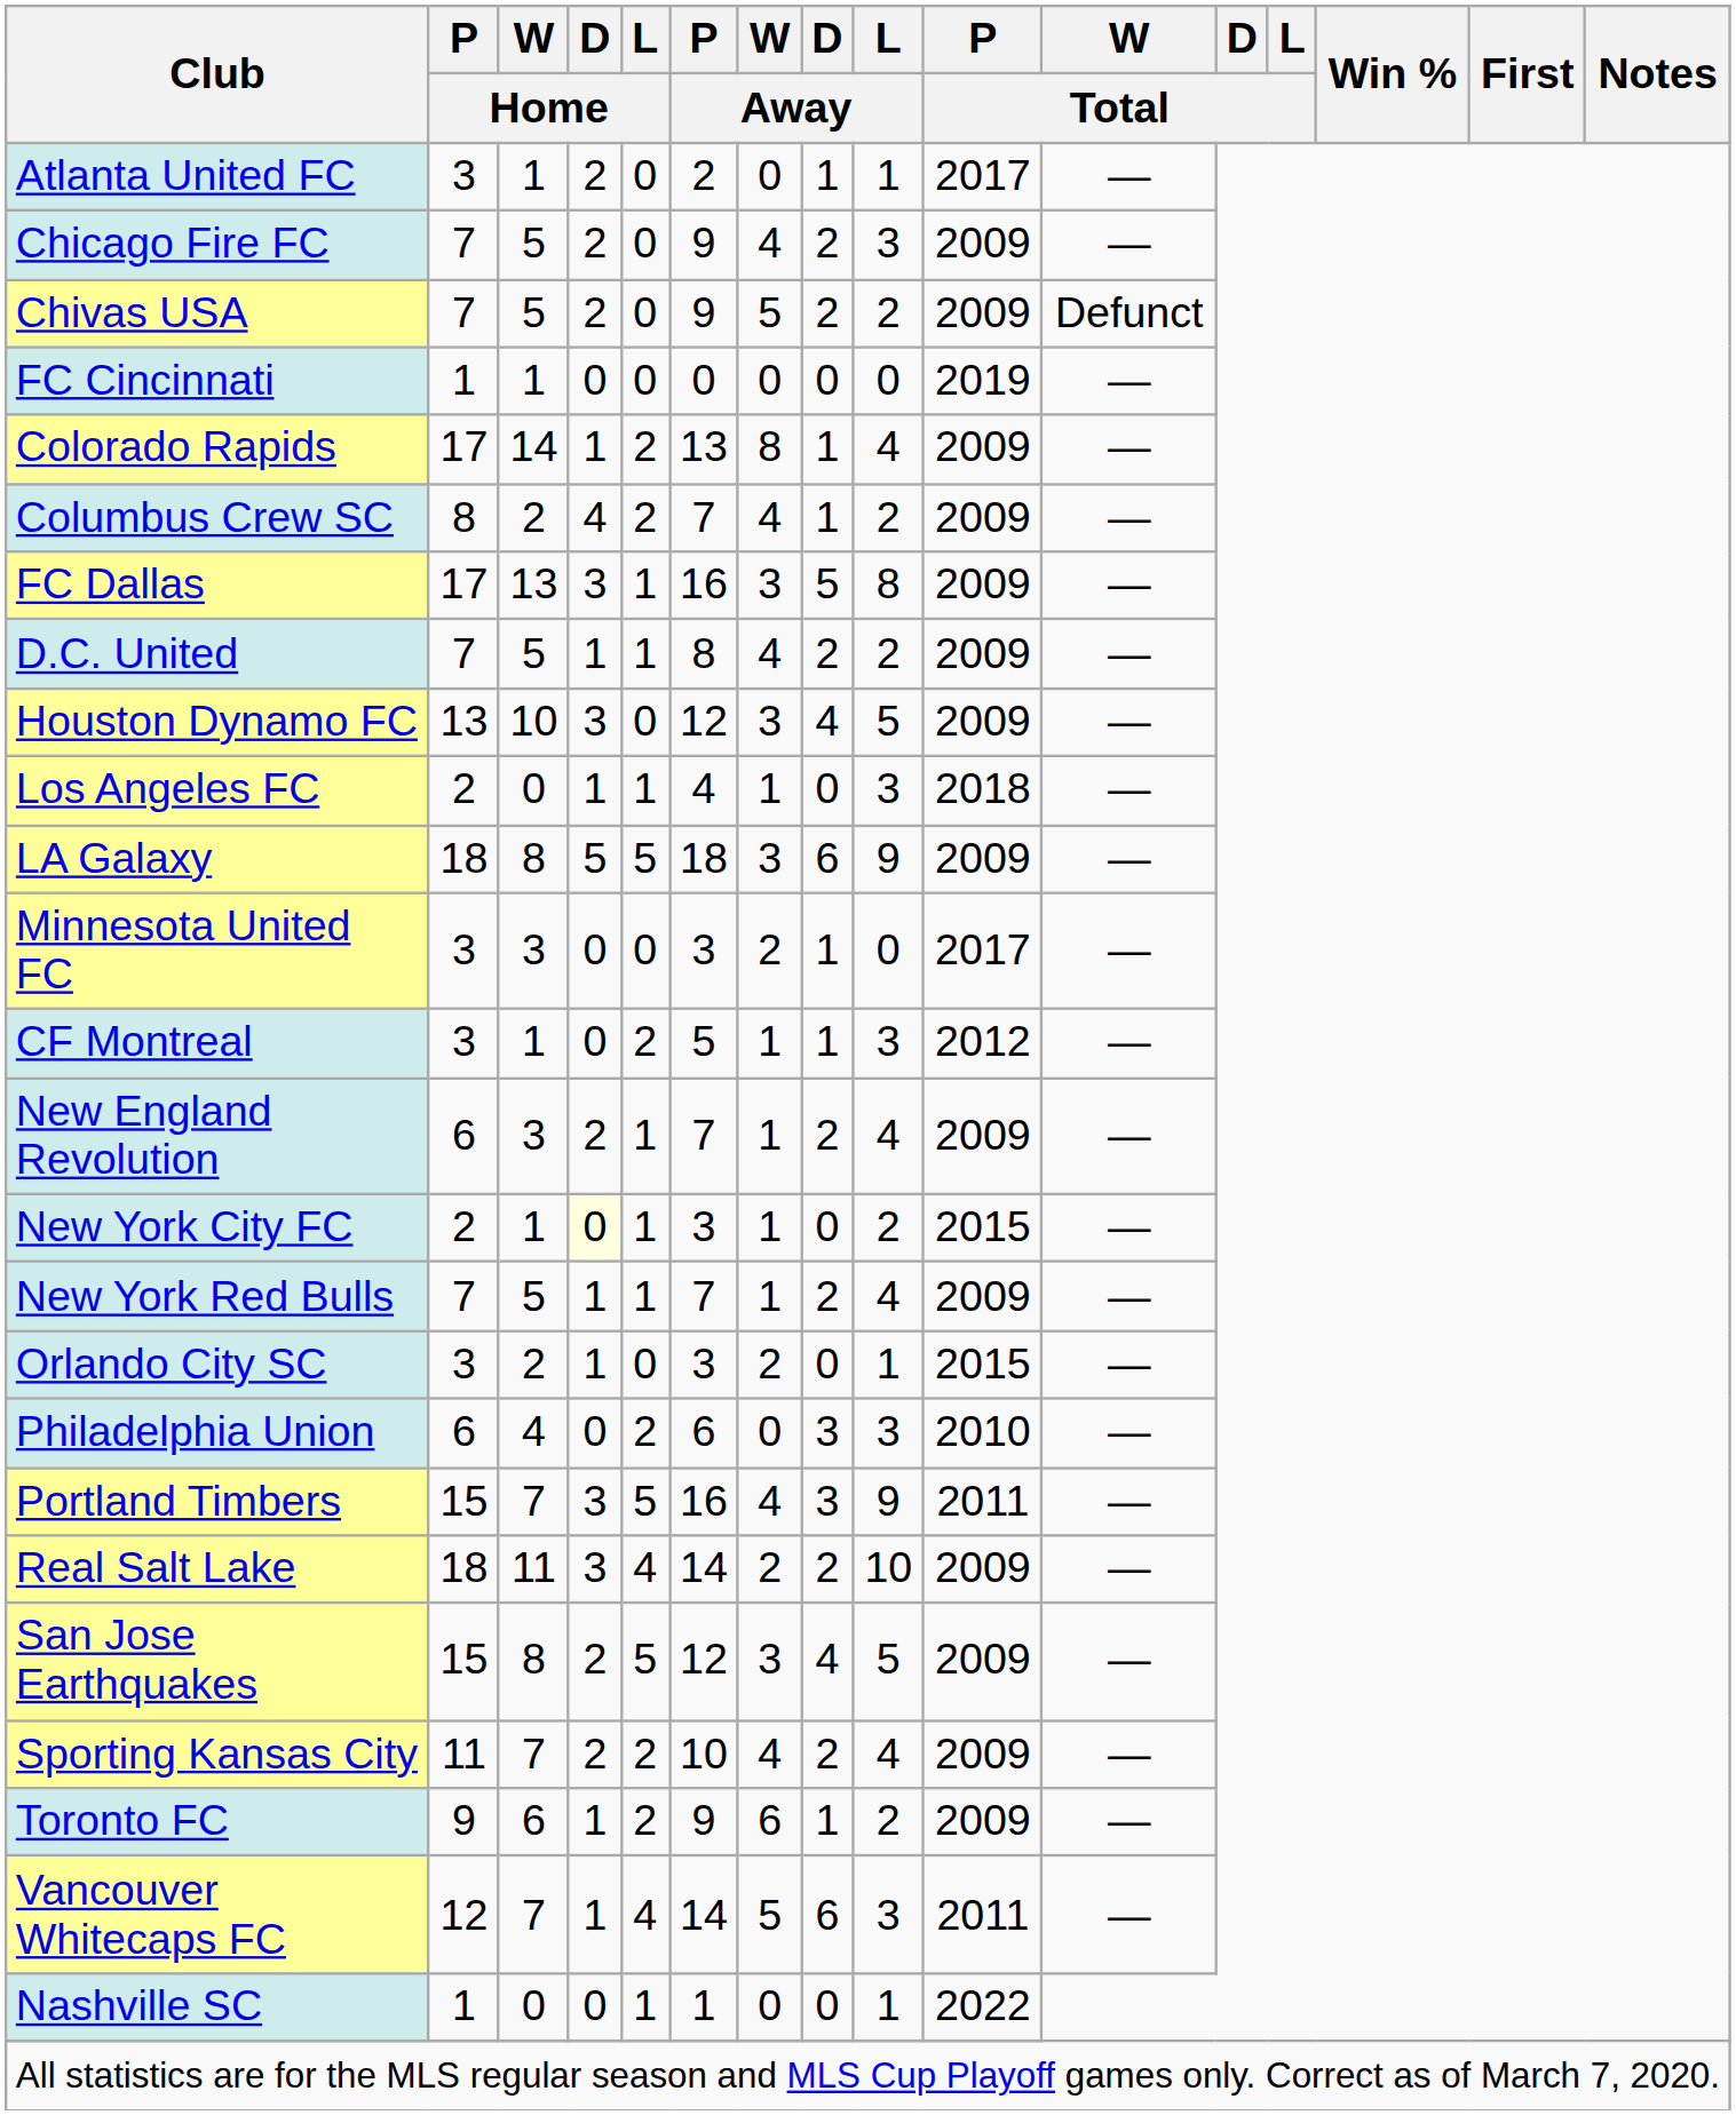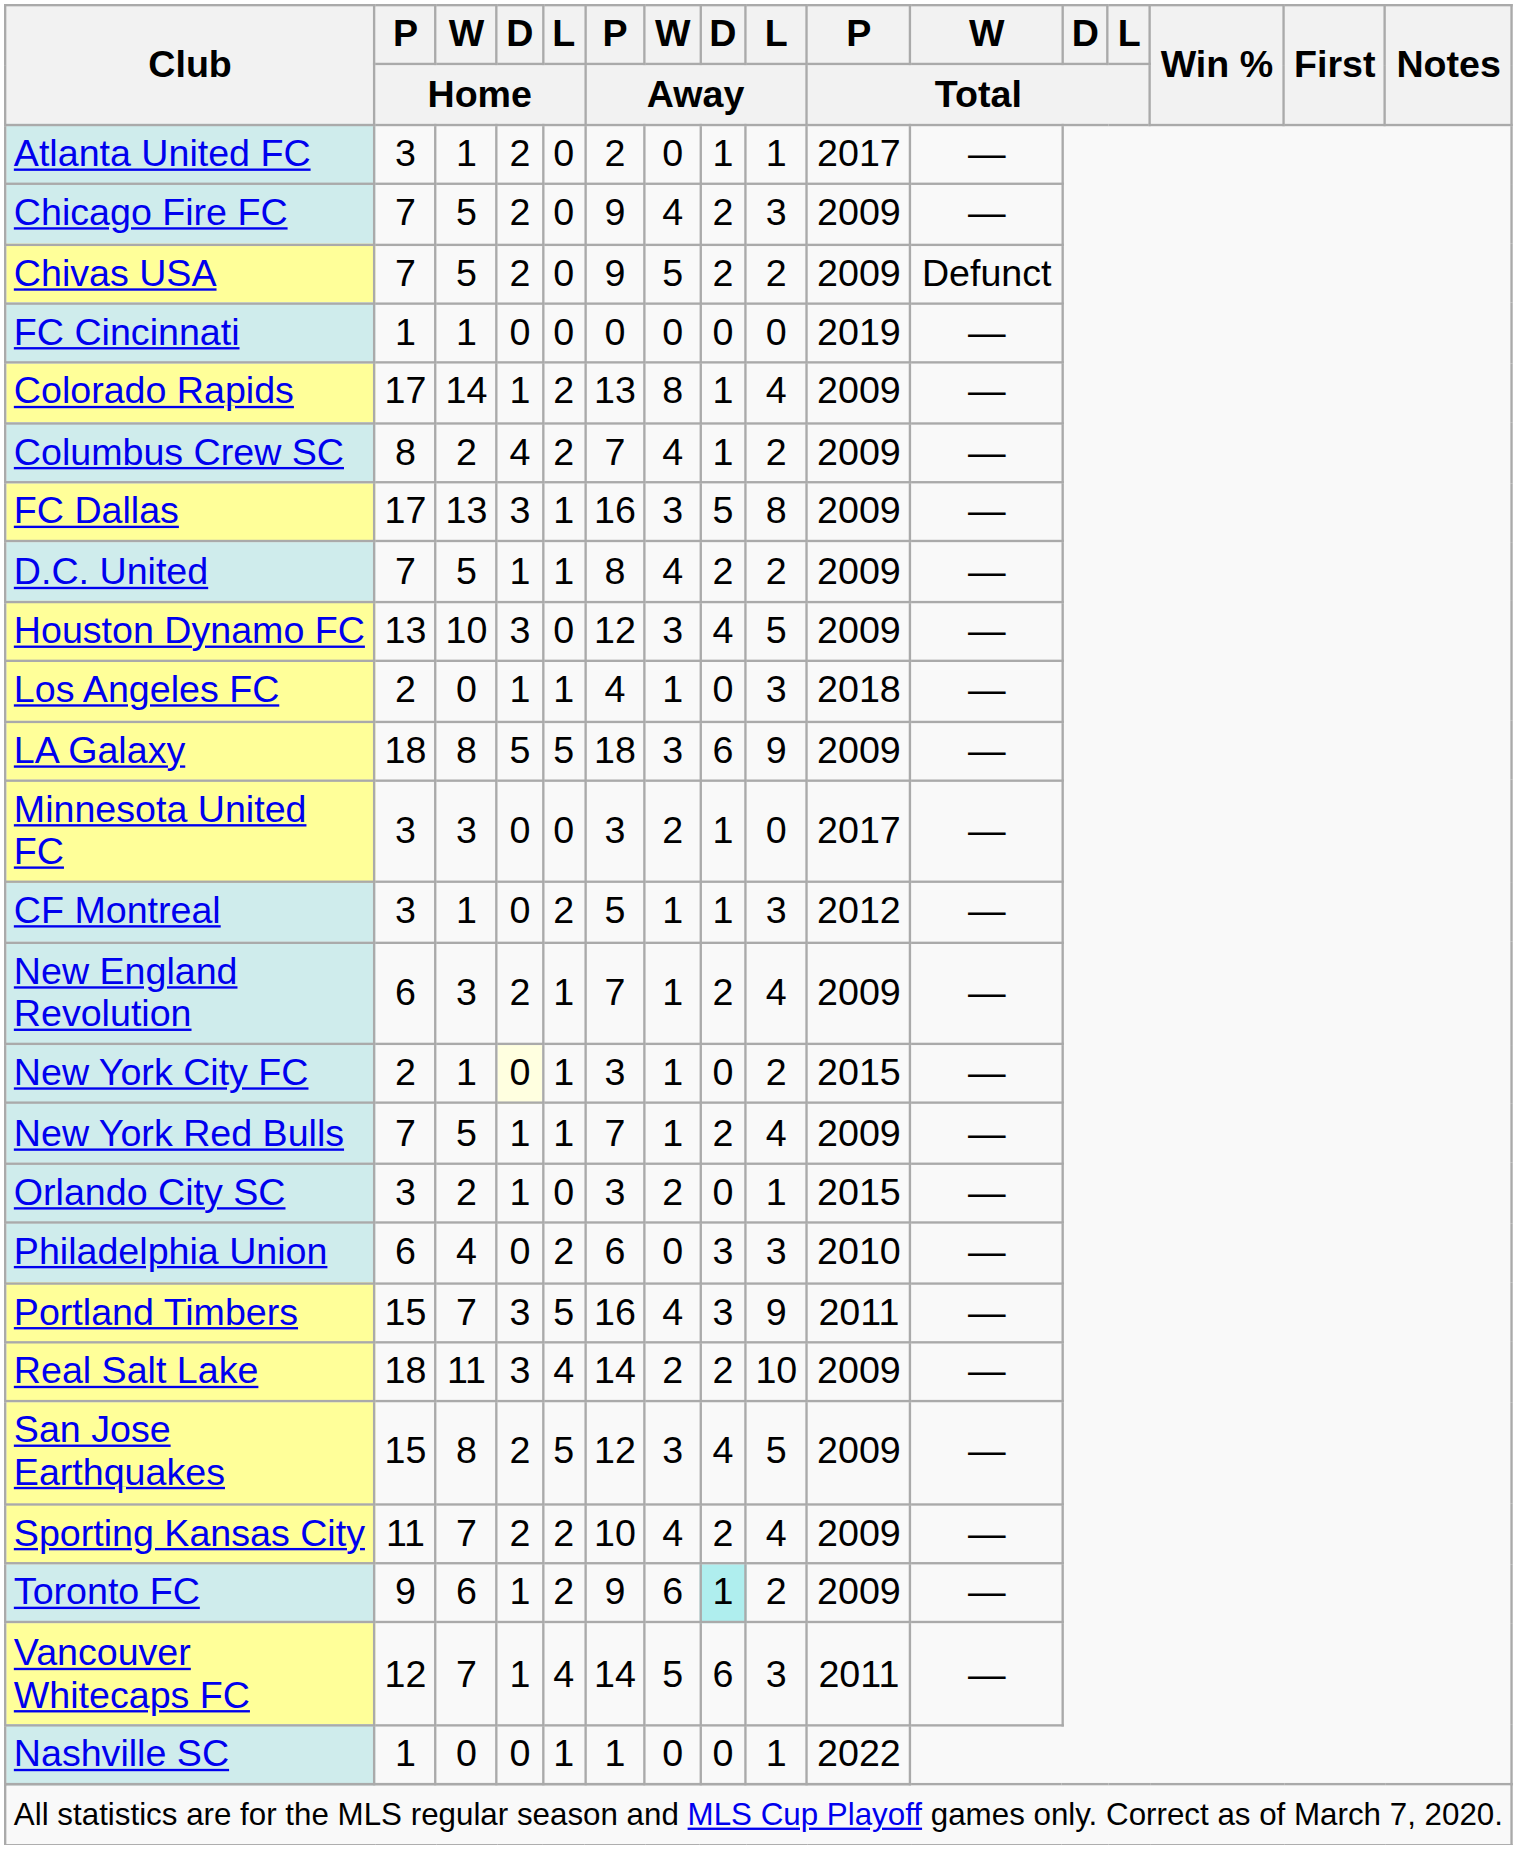 <table class="wikitable sortable" style="text-align:center;">
 <tr>
 <th width="150" rowspan="2">Club</th>
 <th>P</th>
 <th>W</th>
 <th>D</th>
 <th>L</th>
 <th>P</th>
 <th>W</th>
 <th>D</th>
 <th>L</th>
 <th>P</th>
 <th>W</th>
 <th>D</th>
 <th>L</th>
 <th rowspan="2">Win %</th>
 <th rowspan="2">First</th>
 <th class="unsortable" rowspan="2">Notes</th>
 </tr>
 <tr class="unsortable">
 <th colspan="4">Home</th>
 <th colspan="4">Away</th>
 <th colspan="4">Total</th>
 </tr>
 <tr>
 <td bgcolor="#CFECEC" align="left"><a href='#'>Atlanta United FC</a></td>
 <td>3</td>
 <td>1</td>
 <td>2</td>
 <td>0<br></td>
 <td>2</td>
 <td>0</td>
 <td>1</td>
 <td>1<br> </td>
 <td>2017</td>
 <td>—</td>
 </tr>
 <tr>
 <td bgcolor="#CFECEC" align="left"><a href='#'>Chicago Fire FC</a></td>
 <td>7</td>
 <td>5</td>
 <td>2</td>
 <td>0<br></td>
 <td>9</td>
 <td>4</td>
 <td>2</td>
 <td>3<br> </td>
 <td>2009</td>
 <td>—</td>
 </tr>
 <tr>
 <td bgcolor="#FFFF99" align="left"><a href='#'>Chivas USA</a></td>
 <td>7</td>
 <td>5</td>
 <td>2</td>
 <td>0<br></td>
 <td>9</td>
 <td>5</td>
 <td>2</td>
 <td>2<br>  </td>
 <td>2009</td>
 <td>Defunct</td>
 </tr>
 <tr>
 <td bgcolor="#CFECEC" align="left"><a href='#'>FC Cincinnati</a></td>
 <td>1</td>
 <td>1</td>
 <td>0</td>
 <td>0<br></td>
 <td>0</td>
 <td>0</td>
 <td>0</td>
 <td>0<br> </td>
 <td>2019</td>
 <td>—</td>
 </tr>
 <tr>
 <td bgcolor="#FFFF99" align="left"><a href='#'>Colorado Rapids</a></td>
 <td>17</td>
 <td>14</td>
 <td>1</td>
 <td>2<br></td>
 <td>13</td>
 <td>8</td>
 <td>1</td>
 <td>4<br> </td>
 <td>2009</td>
 <td>—</td>
 </tr>
 <tr>
 <td bgcolor="#CFECEC" align="left"><a href='#'>Columbus Crew SC</a></td>
 <td>8</td>
 <td>2</td>
 <td>4</td>
 <td>2<br></td>
 <td>7</td>
 <td>4</td>
 <td>1</td>
 <td>2<br> </td>
 <td>2009</td>
 <td>—</td>
 </tr>
 <tr>
 <td bgcolor="#FFFF99" align="left"><a href='#'>FC Dallas</a></td>
 <td>17</td>
 <td>13</td>
 <td>3</td>
 <td>1<br></td>
 <td>16</td>
 <td>3</td>
 <td>5</td>
 <td>8<br> </td>
 <td>2009</td>
 <td>—</td>
 </tr>
 <tr>
 <td bgcolor="#CFECEC" align="left"><a href='#'>D.C. United</a></td>
 <td>7</td>
 <td>5</td>
 <td>1</td>
 <td>1<br></td>
 <td>8</td>
 <td>4</td>
 <td>2</td>
 <td>2<br> </td>
 <td>2009</td>
 <td>—</td>
 </tr>
 <tr>
 <td bgcolor="#FFFF99" align="left"><a href='#'>Houston Dynamo FC</a></td>
 <td>13</td>
 <td>10</td>
 <td>3</td>
 <td>0<br></td>
 <td>12</td>
 <td>3</td>
 <td>4</td>
 <td>5<br> </td>
 <td>2009</td>
 <td>—</td>
 </tr>
 <tr>
 <td bgcolor="#FFFF99" align="left"><a href='#'>Los Angeles FC</a></td>
 <td>2</td>
 <td>0</td>
 <td>1</td>
 <td>1<br></td>
 <td>4</td>
 <td>1</td>
 <td>0</td>
 <td>3<br> </td>
 <td>2018</td>
 <td>—</td>
 </tr>
 <tr>
 <td bgcolor="#FFFF99" align="left"><a href='#'>LA Galaxy</a></td>
 <td>18</td>
 <td>8</td>
 <td>5</td>
 <td>5<br></td>
 <td>18</td>
 <td>3</td>
 <td>6</td>
 <td>9<br> </td>
 <td>2009</td>
 <td>—</td>
 </tr>
 <tr>
 <td bgcolor="#FFFF99" align="left"><a href='#'>Minnesota United FC</a></td>
 <td>3</td>
 <td>3</td>
 <td>0</td>
 <td>0<br></td>
 <td>3</td>
 <td>2</td>
 <td>1</td>
 <td>0<br> </td>
 <td>2017</td>
 <td>—</td>
 </tr>
 <tr>
 <td bgcolor="#CFECEC" align="left"><a href='#'>CF Montreal</a></td>
 <td>3</td>
 <td>1</td>
 <td>0</td>
 <td>2<br></td>
 <td>5</td>
 <td>1</td>
 <td>1</td>
 <td>3<br> </td>
 <td>2012</td>
 <td>—</td>
 </tr>
 <tr>
 <td bgcolor="#CFECEC" align="left"><a href='#'>New England Revolution</a></td>
 <td>6</td>
 <td>3</td>
 <td>2</td>
 <td>1<br></td>
 <td>7</td>
 <td>1</td>
 <td>2</td>
 <td>4<br> </td>
 <td>2009</td>
 <td>—</td>
 </tr>
 <tr>
 <td bgcolor="#CFECEC" align="left"><a href='#'>New York City FC</a></td>
 <td>2</td>
 <td>1</td>
 <td style="background: lightyellow;">0</td>
 <td>1<br></td>
 <td>3</td>
 <td>1</td>
 <td>0</td>
 <td>2<br> </td>
 <td>2015</td>
 <td>—</td>
 </tr>
 <tr>
 <td bgcolor="#CFECEC" align="left"><a href='#'>New York Red Bulls</a></td>
 <td>7</td>
 <td>5</td>
 <td>1</td>
 <td>1<br></td>
 <td>7</td>
 <td>1</td>
 <td>2</td>
 <td>4<br> </td>
 <td>2009</td>
 <td>—</td>
 </tr>
 <tr>
 <td bgcolor="#CFECEC" align="left"><a href='#'>Orlando City SC</a></td>
 <td>3</td>
 <td>2</td>
 <td>1</td>
 <td>0<br></td>
 <td>3</td>
 <td>2</td>
 <td>0</td>
 <td>1<br> </td>
 <td>2015</td>
 <td>—</td>
 </tr>
 <tr>
 <td bgcolor="#CFECEC" align="left"><a href='#'>Philadelphia Union</a></td>
 <td>6</td>
 <td>4</td>
 <td>0</td>
 <td>2<br></td>
 <td>6</td>
 <td>0</td>
 <td>3</td>
 <td>3<br> </td>
 <td>2010</td>
 <td>—</td>
 </tr>
 <tr>
 <td bgcolor="#FFFF99" align="left"><a href='#'>Portland Timbers</a></td>
 <td>15</td>
 <td>7</td>
 <td>3</td>
 <td>5<br></td>
 <td>16</td>
 <td>4</td>
 <td>3</td>
 <td>9<br> </td>
 <td>2011</td>
 <td>—</td>
 </tr>
 <tr>
 <td bgcolor="#FFFF99" align="left"><a href='#'>Real Salt Lake</a></td>
 <td>18</td>
 <td>11</td>
 <td>3</td>
 <td>4<br></td>
 <td>14</td>
 <td>2</td>
 <td>2</td>
 <td>10<br> </td>
 <td>2009</td>
 <td>—</td>
 </tr>
 <tr>
 <td bgcolor="#FFFF99" align="left"><a href='#'>San Jose Earthquakes</a></td>
 <td>15</td>
 <td>8</td>
 <td>2</td>
 <td>5<br></td>
 <td>12</td>
 <td>3</td>
 <td>4</td>
 <td>5<br> </td>
 <td>2009</td>
 <td>—</td>
 </tr>
 <tr>
 <td bgcolor="#FFFF99" align="left"><a href='#'>Sporting Kansas City</a></td>
 <td>11</td>
 <td>7</td>
 <td>2</td>
 <td>2<br></td>
 <td>10</td>
 <td>4</td>
 <td>2</td>
 <td>4<br> </td>
 <td>2009</td>
 <td>—</td>
 </tr>
 <tr>
 <td bgcolor="#CFECEC" align="left"><a href='#'>Toronto FC</a></td>
 <td>9</td>
 <td>6</td>
 <td>1</td>
 <td>2<br></td>
 <td>9</td>
 <td>6</td>
-<td>1</td>
+<td style="background: paleturquoise;">1</td>
 <td>2<br> </td>
 <td>2009</td>
 <td>—</td>
 </tr>
 <tr>
 <td bgcolor="#FFFF99" align="left"><a href='#'>Vancouver Whitecaps FC</a></td>
 <td>12</td>
 <td>7</td>
 <td>1</td>
 <td>4<br></td>
 <td>14</td>
 <td>5</td>
 <td>6</td>
 <td>3<br> </td>
 <td>2011</td>
 <td>—</td>
 </tr>
 <tr>
 <td bgcolor="#CFECEC" align="left"><a href='#'>Nashville SC</a></td>
 <td>1</td>
 <td>0</td>
 <td>0</td>
 <td>1<br></td>
 <td>1</td>
 <td>0</td>
 <td>0</td>
 <td>1<br> </td>
 <td>2022</td>
 </tr>
 <tr ->
 </tr>
 <tr class="sortbottom">
 <td class="unsortable" colspan="18"><small>All statistics are for the MLS regular season and <a href='#'>MLS Cup Playoff</a> games only. Correct as of March 7, 2020.</small></td>
 </tr>
 </table>
